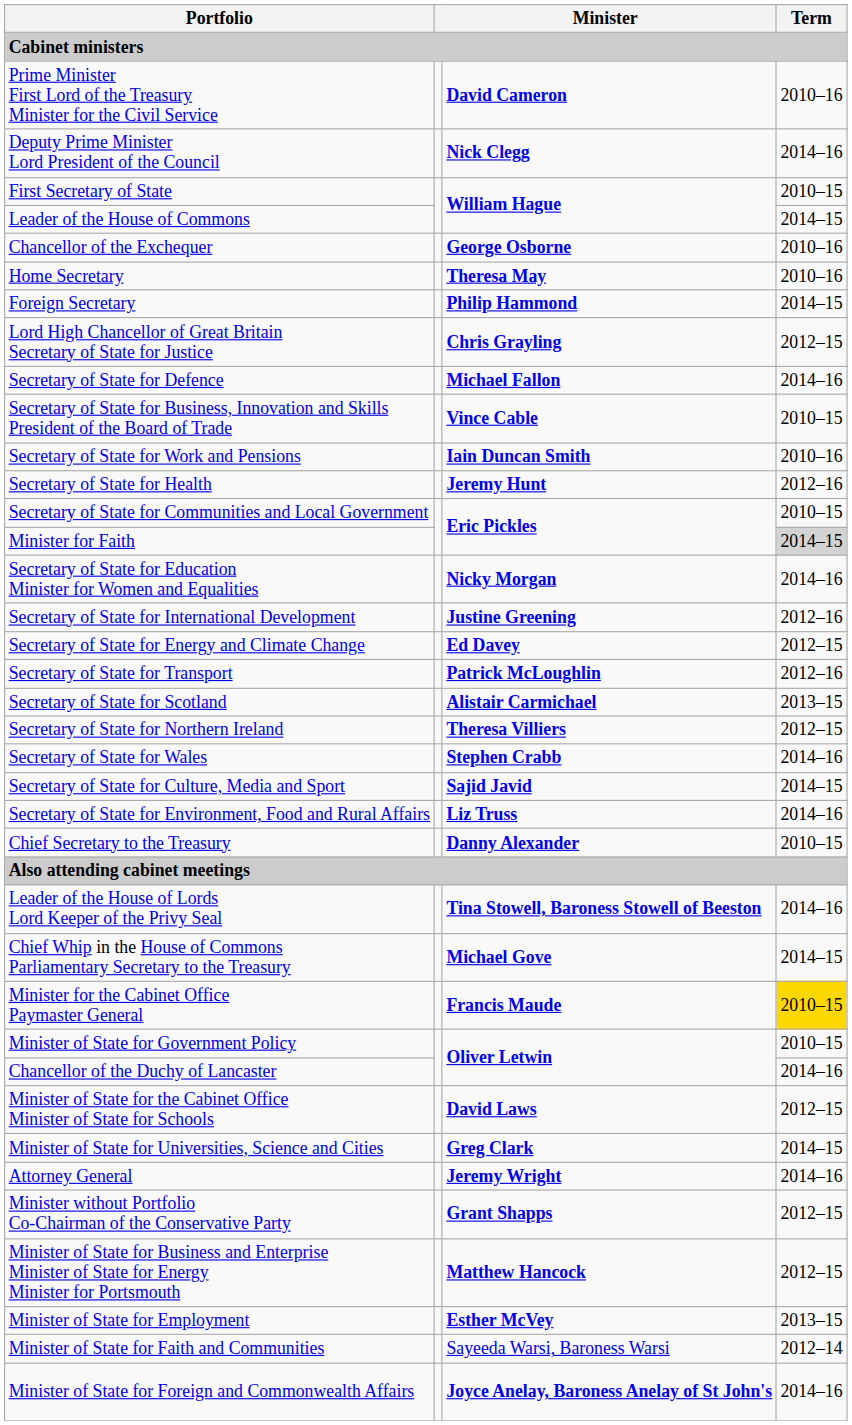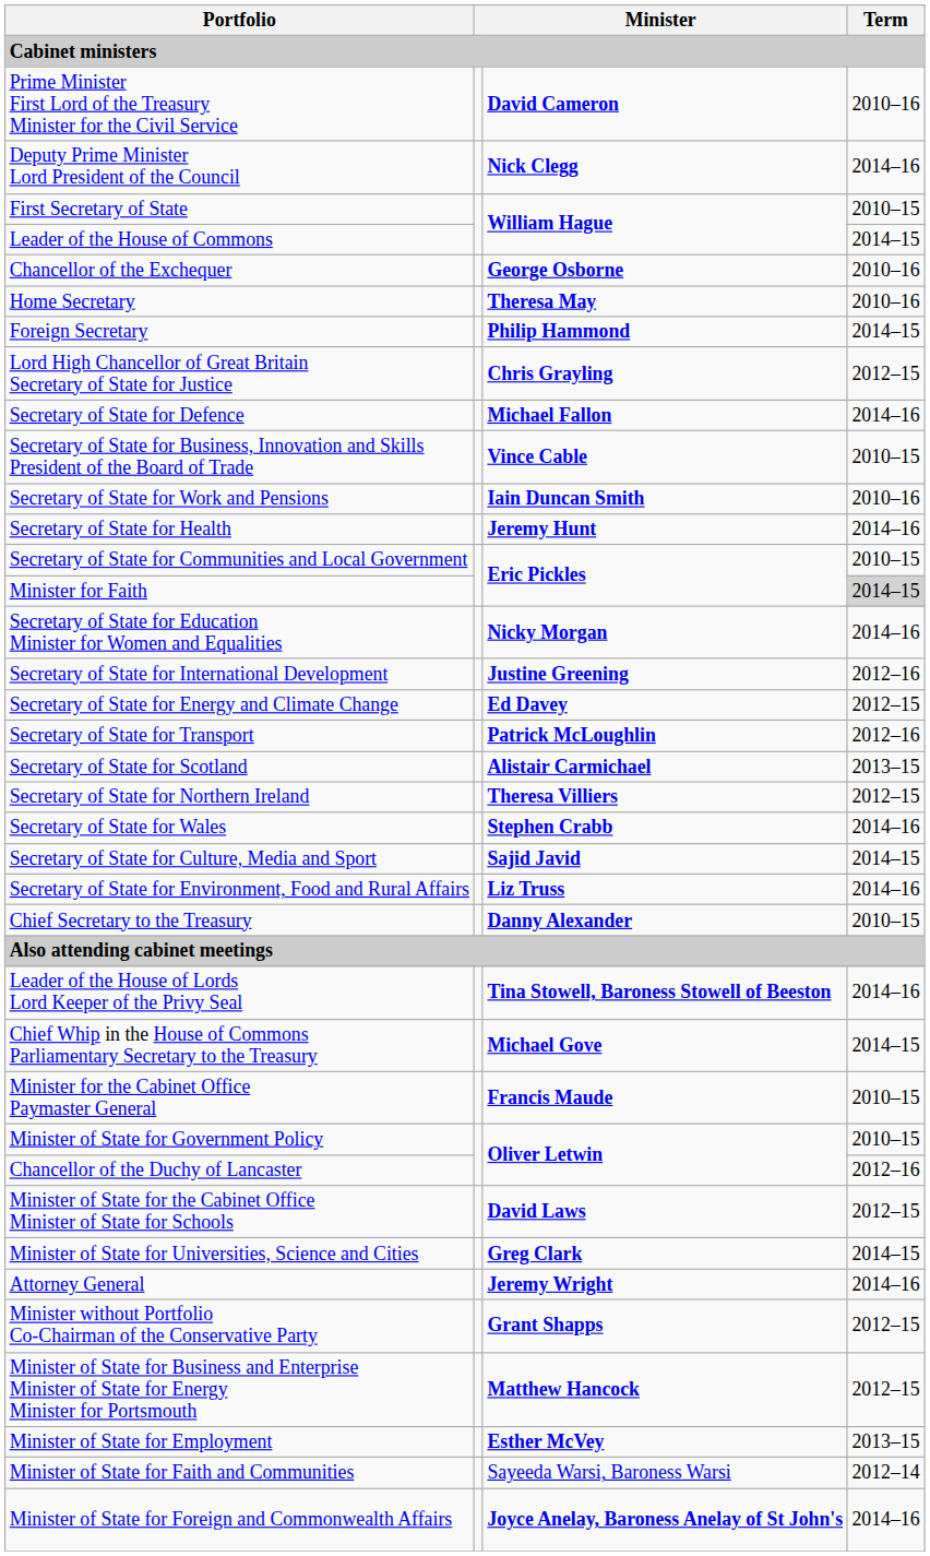 <table class="wikitable">
 <tr>
 <th>Portfolio</th>
 <th colspan=2>Minister</th>
 <th>Term</th>
 </tr>
 <tr>
 <td style="background:#cccccc;" colspan="4"><strong>Cabinet ministers</strong></td>
 </tr>
 <tr>
 <td><a href='#'>Prime Minister</a><br><a href='#'>First Lord of the Treasury</a><br><a href='#'>Minister for the Civil Service</a></td>
 <td style="background:"></td>
 <td><strong><a href='#'>David Cameron</a></strong></td>
 <td>2010–16</td>
 </tr>
 <tr>
 <td><a href='#'>Deputy Prime Minister</a><br><a href='#'>Lord President of the Council</a></td>
 <td style="background:"></td>
 <td><strong><a href='#'>Nick Clegg</a></strong></td>
 <td>2014–16</td>
 </tr>
 <tr>
 <td><a href='#'>First Secretary of State</a></td>
 <td rowspan=2 style="background:"></td>
 <td rowspan=2><strong><a href='#'>William Hague</a></strong></td>
 <td>2010–15</td>
 </tr>
 <tr>
 <td><a href='#'>Leader of the House of Commons</a></td>
 <td>2014–15</td>
 </tr>
 <tr>
 <td><a href='#'>Chancellor of the Exchequer</a></td>
 <td style="background:"></td>
 <td><strong><a href='#'>George Osborne</a></strong></td>
 <td>2010–16</td>
 </tr>
 <tr>
 <td><a href='#'>Home Secretary</a></td>
 <td style="background:"></td>
 <td><strong><a href='#'>Theresa May</a></strong></td>
 <td>2010–16</td>
 </tr>
 <tr>
 <td><a href='#'>Foreign Secretary</a></td>
 <td style="background:"></td>
 <td><strong><a href='#'>Philip Hammond</a></strong></td>
 <td>2014–15</td>
 </tr>
 <tr>
 <td><a href='#'>Lord High Chancellor of Great Britain</a><br><a href='#'>Secretary of State for Justice</a></td>
 <td style="background:"></td>
 <td><strong><a href='#'>Chris Grayling</a></strong></td>
 <td>2012–15</td>
 </tr>
 <tr>
 <td><a href='#'>Secretary of State for Defence</a></td>
 <td style="background:"></td>
 <td><strong><a href='#'>Michael Fallon</a></strong></td>
 <td>2014–16</td>
 </tr>
 <tr>
 <td><a href='#'>Secretary of State for Business, Innovation and Skills</a><br><a href='#'>President of the Board of Trade</a></td>
 <td style="background:"></td>
 <td><strong><a href='#'>Vince Cable</a></strong></td>
 <td>2010–15</td>
 </tr>
 <tr>
 <td><a href='#'>Secretary of State for Work and Pensions</a></td>
 <td style="background:"></td>
 <td><strong><a href='#'>Iain Duncan Smith</a></strong></td>
 <td>2010–16</td>
 </tr>
 <tr>
 <td><a href='#'>Secretary of State for Health</a></td>
 <td style="background:"></td>
 <td><strong><a href='#'>Jeremy Hunt</a></strong></td>
-<td>2012–16</td>
+<td>2014–16</td>
 </tr>
 <tr>
 <td><a href='#'>Secretary of State for Communities and Local Government</a></td>
 <td rowspan=2 style="background:"></td>
 <td rowspan=2><strong><a href='#'>Eric Pickles</a></strong></td>
 <td>2010–15</td>
 </tr>
 <tr>
 <td><a href='#'>Minister for Faith</a></td>
 <td style="background: lightgrey;">2014–15</td>
 </tr>
 <tr>
 <td><a href='#'>Secretary of State for Education</a><br><a href='#'>Minister for Women and Equalities</a></td>
 <td style="background:"></td>
 <td><strong><a href='#'>Nicky Morgan</a></strong></td>
 <td>2014–16</td>
 </tr>
 <tr>
 <td><a href='#'>Secretary of State for International Development</a></td>
 <td style="background:"></td>
 <td><strong><a href='#'>Justine Greening</a></strong></td>
 <td>2012–16</td>
 </tr>
 <tr>
 <td><a href='#'>Secretary of State for Energy and Climate Change</a></td>
 <td style="background:"></td>
 <td><strong><a href='#'>Ed Davey</a></strong></td>
 <td>2012–15</td>
 </tr>
 <tr>
 <td><a href='#'>Secretary of State for Transport</a></td>
 <td style="background:"></td>
 <td><strong><a href='#'>Patrick McLoughlin</a></strong></td>
 <td>2012–16</td>
 </tr>
 <tr>
 <td><a href='#'>Secretary of State for Scotland</a></td>
 <td style="background:"></td>
 <td><strong><a href='#'>Alistair Carmichael</a></strong></td>
 <td>2013–15</td>
 </tr>
 <tr>
 <td><a href='#'>Secretary of State for Northern Ireland</a></td>
 <td style="background:"></td>
 <td><strong><a href='#'>Theresa Villiers</a></strong></td>
 <td>2012–15</td>
 </tr>
 <tr>
 <td><a href='#'>Secretary of State for Wales</a></td>
 <td style="background:"></td>
 <td><strong><a href='#'>Stephen Crabb</a></strong></td>
 <td>2014–16</td>
 </tr>
 <tr>
 <td><a href='#'>Secretary of State for Culture, Media and Sport</a></td>
 <td style="background:"></td>
 <td><strong><a href='#'>Sajid Javid</a></strong></td>
 <td>2014–15</td>
 </tr>
 <tr>
 <td><a href='#'>Secretary of State for Environment, Food and Rural Affairs</a></td>
 <td style="background:"></td>
 <td><strong><a href='#'>Liz Truss</a></strong></td>
 <td>2014–16</td>
 </tr>
 <tr>
 <td><a href='#'>Chief Secretary to the Treasury</a></td>
 <td style="background:"></td>
 <td><strong><a href='#'>Danny Alexander</a></strong></td>
 <td>2010–15</td>
 </tr>
 <tr>
 <td style="background:#cccccc;" colspan="4"><strong>Also attending cabinet meetings</strong></td>
 </tr>
 <tr>
 <td><a href='#'>Leader of the House of Lords</a><br><a href='#'>Lord Keeper of the Privy Seal</a></td>
 <td style="background:"></td>
 <td><strong><a href='#'>Tina Stowell, Baroness Stowell of Beeston</a></strong></td>
 <td>2014–16</td>
 </tr>
 <tr>
 <td><a href='#'>Chief Whip</a> in the <a href='#'>House of Commons</a><br><a href='#'>Parliamentary Secretary to the Treasury</a></td>
 <td style="background:"></td>
 <td><strong><a href='#'>Michael Gove</a></strong></td>
 <td>2014–15</td>
 </tr>
 <tr>
 <td><a href='#'>Minister for the Cabinet Office</a><br><a href='#'>Paymaster General</a></td>
 <td style="background:"></td>
 <td><strong><a href='#'>Francis Maude</a></strong></td>
-<td style="background: gold;">2010–15</td>
+<td>2010–15</td>
 </tr>
 <tr>
 <td><a href='#'>Minister of State for Government Policy</a></td>
 <td rowspan=2 style="background:"></td>
 <td rowspan=2><strong><a href='#'>Oliver Letwin</a></strong></td>
 <td>2010–15</td>
 </tr>
 <tr>
 <td><a href='#'>Chancellor of the Duchy of Lancaster</a></td>
-<td>2014–16</td>
+<td>2012–16</td>
 </tr>
 <tr>
 <td><a href='#'>Minister of State for the Cabinet Office</a><br><a href='#'>Minister of State for Schools</a></td>
 <td style="background:"></td>
 <td><strong><a href='#'>David Laws</a></strong></td>
 <td>2012–15</td>
 </tr>
 <tr>
 <td><a href='#'>Minister of State for Universities, Science and Cities</a></td>
 <td style="background:"></td>
 <td><strong><a href='#'>Greg Clark</a></strong></td>
 <td>2014–15</td>
 </tr>
 <tr>
 <td><a href='#'>Attorney General</a></td>
 <td style="background:"></td>
 <td><strong><a href='#'>Jeremy Wright</a></strong></td>
 <td>2014–16</td>
 </tr>
 <tr>
 <td><a href='#'>Minister without Portfolio</a><br><a href='#'>Co-Chairman of the Conservative Party</a></td>
 <td style="background:"></td>
 <td><strong><a href='#'>Grant Shapps</a></strong></td>
 <td>2012–15</td>
 </tr>
 <tr>
 <td><a href='#'>Minister of State for Business and Enterprise</a><br><a href='#'>Minister of State for Energy</a><br><a href='#'>Minister for Portsmouth</a></td>
 <td style="background:"></td>
 <td><strong><a href='#'>Matthew Hancock</a></strong></td>
 <td>2012–15</td>
 </tr>
 <tr>
 <td><a href='#'>Minister of State for Employment</a></td>
 <td style="background:"></td>
 <td><strong><a href='#'>Esther McVey</a></strong></td>
 <td>2013–15</td>
 </tr>
 <tr>
 <td><a href='#'>Minister of State for Faith and Communities</a></td>
 <td rowspan=2 style="background:"></td>
 <td rowspan=2><a href='#'>Sayeeda Warsi, Baroness Warsi</a></td>
 <td rowspan=2>2012–14</td>
 </tr>
 <tr>
 <td rowspan=2 height=45px><a href='#'>Minister of State for Foreign and Commonwealth Affairs</a></td>
 </tr>
 <tr>
 <td style="background:"></td>
 <td><strong><a href='#'>Joyce Anelay, Baroness Anelay of St John's</a></strong></td>
 <td>2014–16</td>
 </tr>
 </table>
